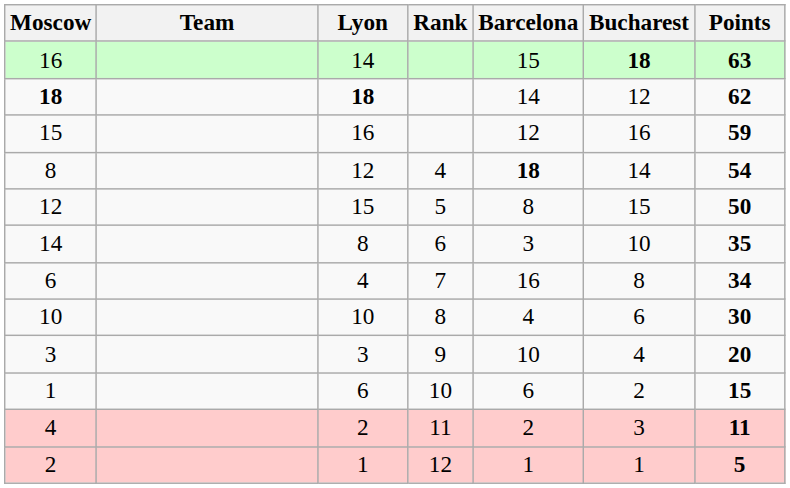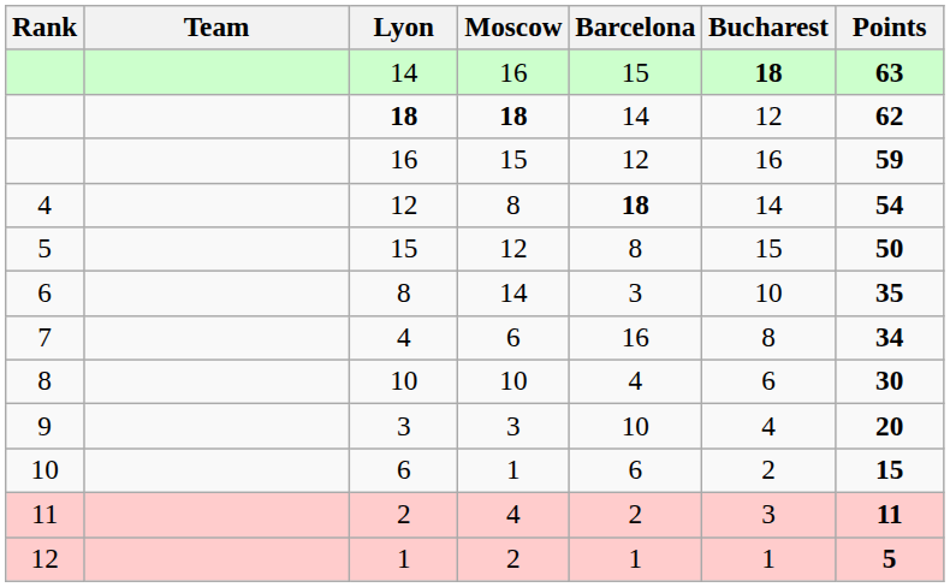 <table class="wikitable" style="text-align: center;">
 <tr>
-<th width=55>Moscow</th>
+<th width=30>Rank</th>
 <th width=145>Team</th>
 <th width=55>Lyon</th>
-<th width=30>Rank</th>
+<th width=55>Moscow</th>
 <th width=55>Barcelona</th>
 <th width=55>Bucharest</th>
 <th width=55>Points</th>
 </tr>
 <tr bgcolor=ccffcc>
-<td>16</td>
+<td></td>
 <td align=left></td>
 <td>14</td>
-<td></td>
+<td>16</td>
 <td>15</td>
 <td><strong>18</strong></td>
 <td><strong>63</strong></td>
 </tr>
 <tr>
-<td><strong>18</strong></td>
+<td></td>
 <td align=left></td>
 <td><strong>18</strong></td>
-<td></td>
+<td><strong>18</strong></td>
 <td>14</td>
 <td>12</td>
 <td><strong>62</strong></td>
 </tr>
 <tr>
-<td>15</td>
+<td></td>
 <td align=left></td>
 <td>16</td>
-<td></td>
+<td>15</td>
 <td>12</td>
 <td>16</td>
 <td><strong>59</strong></td>
 </tr>
 <tr>
-<td>8</td>
+<td>4</td>
 <td align=left></td>
 <td>12</td>
-<td>4</td>
+<td>8</td>
 <td><strong>18</strong></td>
 <td>14</td>
 <td><strong>54</strong></td>
 </tr>
 <tr>
-<td>12</td>
+<td>5</td>
 <td align=left></td>
 <td>15</td>
-<td>5</td>
+<td>12</td>
 <td>8</td>
 <td>15</td>
 <td><strong>50</strong></td>
 </tr>
 <tr>
-<td>14</td>
+<td>6</td>
 <td align=left></td>
 <td>8</td>
-<td>6</td>
+<td>14</td>
 <td>3</td>
 <td>10</td>
 <td><strong>35</strong></td>
 </tr>
 <tr>
-<td>6</td>
+<td>7</td>
 <td align=left></td>
 <td>4</td>
-<td>7</td>
+<td>6</td>
 <td>16</td>
 <td>8</td>
 <td><strong>34</strong></td>
 </tr>
 <tr>
-<td>10</td>
+<td>8</td>
 <td align=left></td>
 <td>10</td>
-<td>8</td>
+<td>10</td>
 <td>4</td>
 <td>6</td>
 <td><strong>30</strong></td>
 </tr>
 <tr>
-<td>3</td>
+<td>9</td>
 <td align=left></td>
 <td>3</td>
-<td>9</td>
+<td>3</td>
 <td>10</td>
 <td>4</td>
 <td><strong>20</strong></td>
 </tr>
 <tr>
-<td>1</td>
+<td>10</td>
 <td align=left></td>
 <td>6</td>
-<td>10</td>
+<td>1</td>
 <td>6</td>
 <td>2</td>
 <td><strong>15</strong></td>
 </tr>
 <tr bgcolor=ffcccc>
-<td>4</td>
+<td>11</td>
 <td align=left></td>
 <td>2</td>
-<td>11</td>
+<td>4</td>
 <td>2</td>
 <td>3</td>
 <td><strong>11</strong></td>
 </tr>
 <tr bgcolor=ffcccc>
-<td>2</td>
+<td>12</td>
 <td align=left></td>
 <td>1</td>
-<td>12</td>
+<td>2</td>
 <td>1</td>
 <td>1</td>
 <td><strong>5</strong></td>
 </tr>
 </table>
